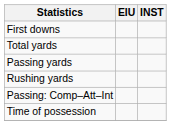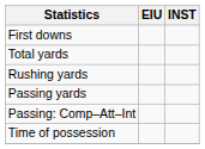 <table class="wikitable" style="float: left;">
 <tr>
 <th>Statistics</th>
 <th>EIU</th>
 <th>INST</th>
 </tr>
 <tr>
 <td>First downs</td>
 <td></td>
 <td></td>
 </tr>
 <tr>
 <td>Total yards</td>
 <td></td>
 <td></td>
 </tr>
 <tr>
-<td>Passing yards</td>
+<td>Rushing yards</td>
 <td></td>
 <td></td>
 </tr>
 <tr>
-<td>Rushing yards</td>
+<td>Passing yards</td>
 <td></td>
 <td></td>
 </tr>
 <tr>
 <td>Passing: Comp–Att–Int</td>
 <td></td>
 <td></td>
 </tr>
 <tr>
 <td>Time of possession</td>
 <td></td>
 <td></td>
 </tr>
 <tr>
 </tr>
 </table>
